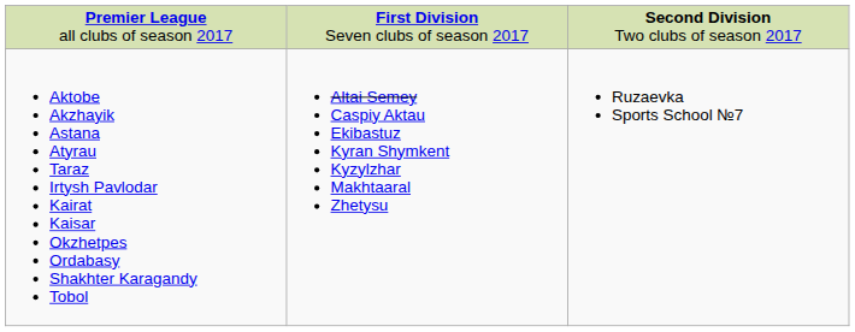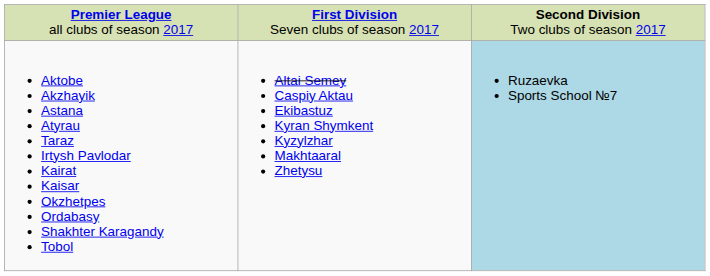 <table class="wikitable">
 <tr valign="top" bgcolor="#D6E2B3">
 <td align="center" width="25%"><strong><a href='#'>Premier League</a></strong><br>all clubs of season <a href='#'>2017</a></td>
 <td align="center" width="25%"><strong><a href='#'>First Division</a></strong><br>Seven clubs of season <a href='#'>2017</a></td>
 <td align="center" width="25%"><strong>Second Division</strong><br>Two clubs of season <a href='#'>2017</a></td>
 </tr>
 <tr valign="top">
 <td><br><ul><li><a href='#'>Aktobe</a></li><li><a href='#'>Akzhayik</a></li><li><a href='#'>Astana</a></li><li><a href='#'>Atyrau</a></li><li><a href='#'>Taraz</a></li><li><a href='#'>Irtysh Pavlodar</a></li><li><a href='#'>Kairat</a></li><li><a href='#'>Kaisar</a></li><li><a href='#'>Okzhetpes</a></li><li><a href='#'>Ordabasy</a></li><li><a href='#'>Shakhter Karagandy</a></li><li><a href='#'>Tobol</a></li></ul></td>
 <td><br><ul><li><s><a href='#'>Altai Semey</a></s></li><li><a href='#'>Caspiy Aktau</a></li><li><a href='#'>Ekibastuz</a></li><li><a href='#'>Kyran Shymkent</a></li><li><a href='#'>Kyzylzhar</a></li><li><a href='#'>Makhtaaral</a></li><li><a href='#'>Zhetysu</a></li></ul></td>
-<td><br><ul><li>Ruzaevka</li><li>Sports School №7</li></ul></td>
+<td style="background: lightblue;"><br><ul><li>Ruzaevka</li><li>Sports School №7</li></ul></td>
 </tr>
 </table>
